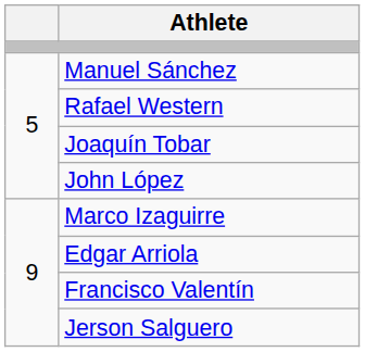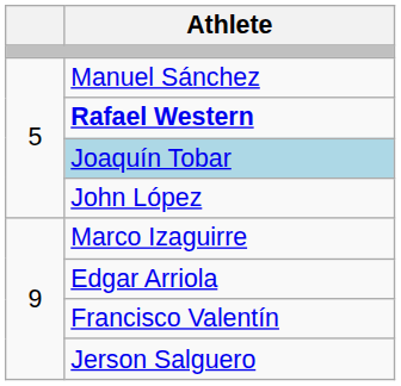 <table class="wikitable">
 <tr>
 <th width="30"></th>
 <th width="200">Athlete</th>
 </tr>
 <tr bgcolor="C0C0C0">
 <td colspan=2></td>
 </tr>
 <tr>
 <td align="center" rowspan=4>5</td>
 <td> <a href='#'>Manuel Sánchez</a></td>
 </tr>
 <tr>
-<td> <a href='#'>Rafael Western</a></td>
+<td><strong> <a href='#'>Rafael Western</a></strong></td>
 </tr>
 <tr>
-<td> <a href='#'>Joaquín Tobar</a></td>
+<td style="background: lightblue;"> <a href='#'>Joaquín Tobar</a></td>
 </tr>
 <tr>
 <td> <a href='#'>John López</a></td>
 </tr>
 <tr>
 <td align="center" rowspan=4>9</td>
 <td> <a href='#'>Marco Izaguirre</a></td>
 </tr>
 <tr>
 <td> <a href='#'>Edgar Arriola</a></td>
 </tr>
 <tr>
 <td> <a href='#'>Francisco Valentín</a></td>
 </tr>
 <tr>
 <td> <a href='#'>Jerson Salguero</a></td>
 </tr>
 </table>
